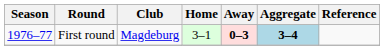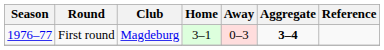 <table class="wikitable">
 <tr>
 <th>Season</th>
 <th>Round</th>
 <th>Club</th>
 <th>Home</th>
 <th>Away</th>
 <th>Aggregate</th>
 <th>Reference</th>
 </tr>
 <tr>
 <td><a href='#'>1976–77</a></td>
 <td>First round</td>
 <td> <a href='#'>Magdeburg</a></td>
 <td style="text-align:center; background:#dfd;">3–1</td>
-<td style="text-align:center; background:#fdd;"><strong>0–3</strong></td>
-<td style="background: lightblue; text-align:center;"><strong>3–4</strong></td>
+<td style="text-align:center; background:#fdd;">0–3</td>
+<td style="text-align:center;"><strong>3–4</strong></td>
 <td style="text-align:center;"></td>
 </tr>
 <tr>
 </tr>
 </table>
